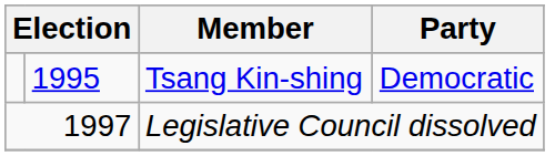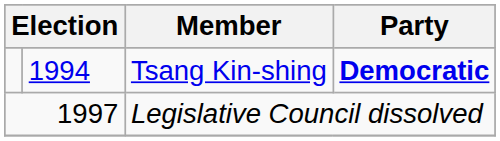 <table class="wikitable">
 <tr>
 <th colspan="2">Election</th>
 <th>Member</th>
 <th>Party</th>
 </tr>
 <tr>
 <td style="background-color: "></td>
-<td><a href='#'>1995</a></td>
+<td><a href='#'>1994</a></td>
 <td><a href='#'>Tsang Kin-shing</a></td>
-<td><a href='#'>Democratic</a></td>
+<td><strong><a href='#'>Democratic</a></strong></td>
 </tr>
 <tr>
 <td colspan=2 align=right>1997</td>
 <td colspan=2><em>Legislative Council dissolved</em></td>
 </tr>
 <tr>
 </tr>
 </table>
